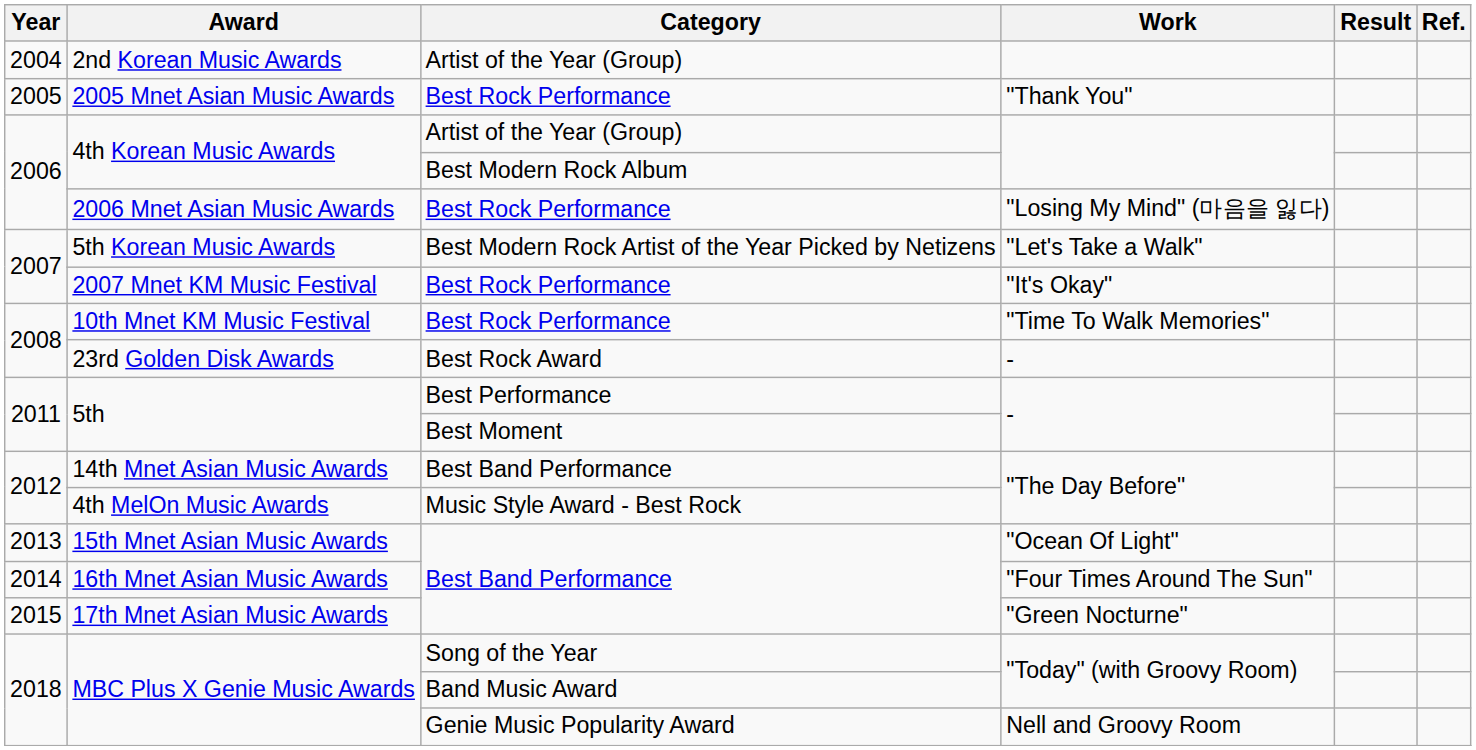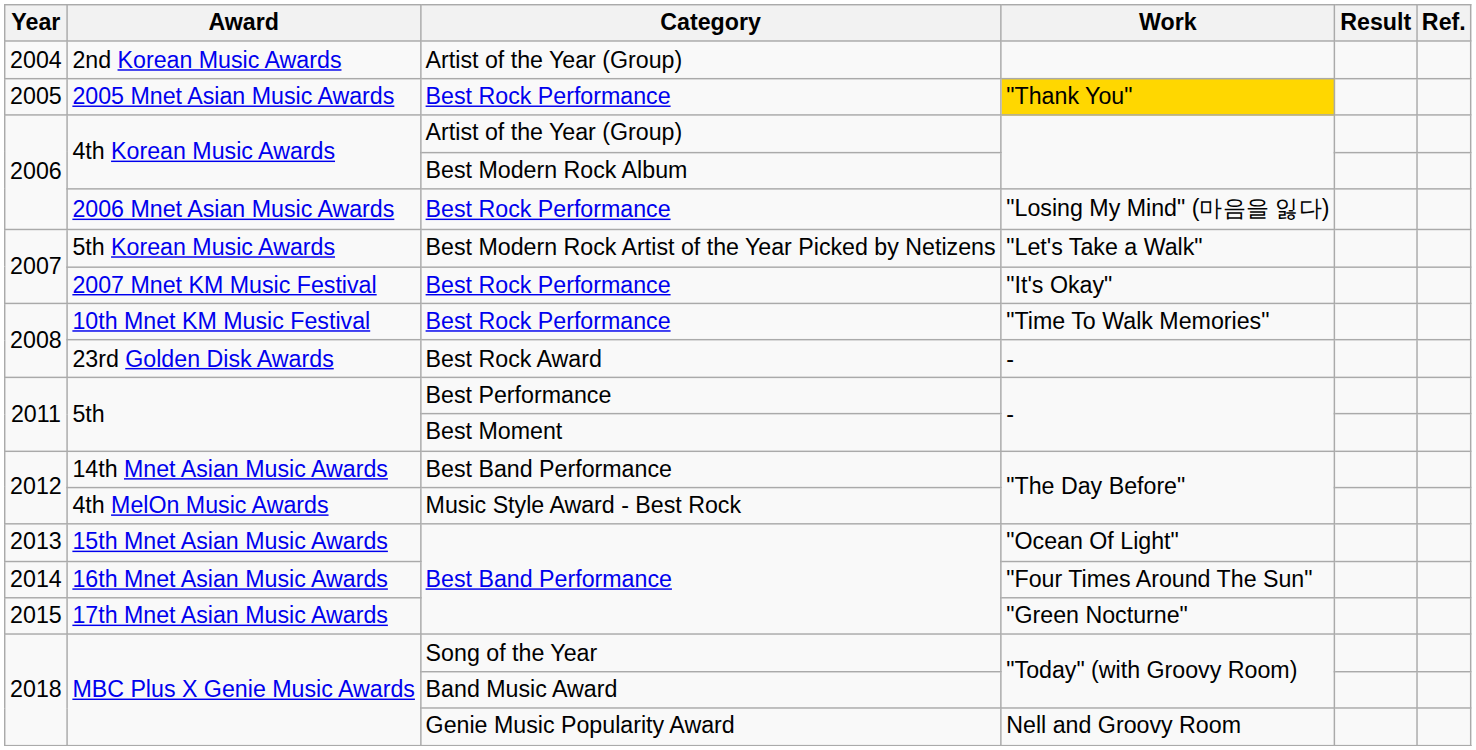 <table class="wikitable">
 <tr>
 <th>Year</th>
 <th>Award</th>
 <th>Category</th>
 <th>Work</th>
 <th>Result</th>
 <th>Ref.</th>
 </tr>
 <tr>
 <td align="center">2004</td>
 <td>2nd <a href='#'>Korean Music Awards</a></td>
 <td>Artist of the Year (Group)</td>
 <td><em></em></td>
 <td></td>
 <td></td>
 </tr>
 <tr>
 <td align="center">2005</td>
 <td><a href='#'>2005 Mnet Asian Music Awards</a></td>
 <td><a href='#'>Best Rock Performance</a></td>
-<td>"Thank You"</td>
+<td style="background: gold;">"Thank You"</td>
 <td></td>
 <td></td>
 </tr>
 <tr>
 <td align="center" rowspan="3">2006</td>
 <td rowspan="2">4th <a href='#'>Korean Music Awards</a></td>
 <td>Artist of the Year (Group)</td>
 <td rowspan="2"><em></em></td>
 <td></td>
 <td></td>
 </tr>
 <tr>
 <td>Best Modern Rock Album</td>
 <td></td>
 <td></td>
 </tr>
 <tr>
 <td><a href='#'>2006 Mnet Asian Music Awards</a></td>
 <td><a href='#'>Best Rock Performance</a></td>
 <td>"Losing My Mind" (마음을 잃다)</td>
 <td></td>
 <td></td>
 </tr>
 <tr>
 <td align="center" rowspan=2>2007</td>
 <td>5th <a href='#'>Korean Music Awards</a></td>
 <td>Best Modern Rock Artist of the Year Picked by Netizens</td>
 <td>"Let's Take a Walk"</td>
 <td></td>
 <td></td>
 </tr>
 <tr>
 <td><a href='#'>2007 Mnet KM Music Festival</a></td>
 <td><a href='#'>Best Rock Performance</a></td>
 <td>"It's Okay"</td>
 <td></td>
 <td></td>
 </tr>
 <tr>
 <td rowspan="2">2008</td>
 <td><a href='#'>10th Mnet KM Music Festival</a></td>
 <td><a href='#'>Best Rock Performance</a></td>
 <td>"Time To Walk Memories"</td>
 <td></td>
 <td></td>
 </tr>
 <tr>
 <td>23rd <a href='#'>Golden Disk Awards</a></td>
 <td>Best Rock Award</td>
 <td>-</td>
 <td></td>
 <td></td>
 </tr>
 <tr>
 <td rowspan="2" align="center">2011</td>
 <td rowspan="2">5th </td>
 <td>Best Performance</td>
 <td rowspan="2">-</td>
 <td></td>
 <td></td>
 </tr>
 <tr>
 <td>Best Moment</td>
 <td></td>
 <td></td>
 </tr>
 <tr>
 <td rowspan="2" align="center">2012</td>
 <td>14th <a href='#'>Mnet Asian Music Awards</a></td>
 <td>Best Band Performance</td>
 <td rowspan="2">"The Day Before"</td>
 <td></td>
 <td></td>
 </tr>
 <tr>
 <td>4th <a href='#'>MelOn Music Awards</a></td>
 <td>Music Style Award - Best Rock</td>
 <td></td>
 <td></td>
 </tr>
 <tr>
 <td align="center">2013</td>
 <td><a href='#'>15th Mnet Asian Music Awards</a></td>
 <td rowspan="3"><a href='#'>Best Band Performance</a></td>
 <td>"Ocean Of Light"</td>
 <td></td>
 <td></td>
 </tr>
 <tr>
 <td align="center">2014</td>
 <td><a href='#'>16th Mnet Asian Music Awards</a></td>
 <td>"Four Times Around The Sun"</td>
 <td></td>
 <td></td>
 </tr>
 <tr>
 <td align="center">2015</td>
 <td><a href='#'>17th Mnet Asian Music Awards</a></td>
 <td>"Green Nocturne"</td>
 <td></td>
 <td></td>
 </tr>
 <tr>
 <td rowspan="3">2018</td>
 <td rowspan="3"><a href='#'>MBC Plus X Genie Music Awards</a></td>
 <td>Song of the Year</td>
 <td rowspan="2">"Today" (with Groovy Room)</td>
 <td></td>
 <td></td>
 </tr>
 <tr>
 <td>Band Music Award</td>
 <td></td>
 <td></td>
 </tr>
 <tr>
 <td>Genie Music Popularity Award</td>
 <td>Nell and Groovy Room</td>
 <td></td>
 <td></td>
 </tr>
 <tr>
 </tr>
 </table>
